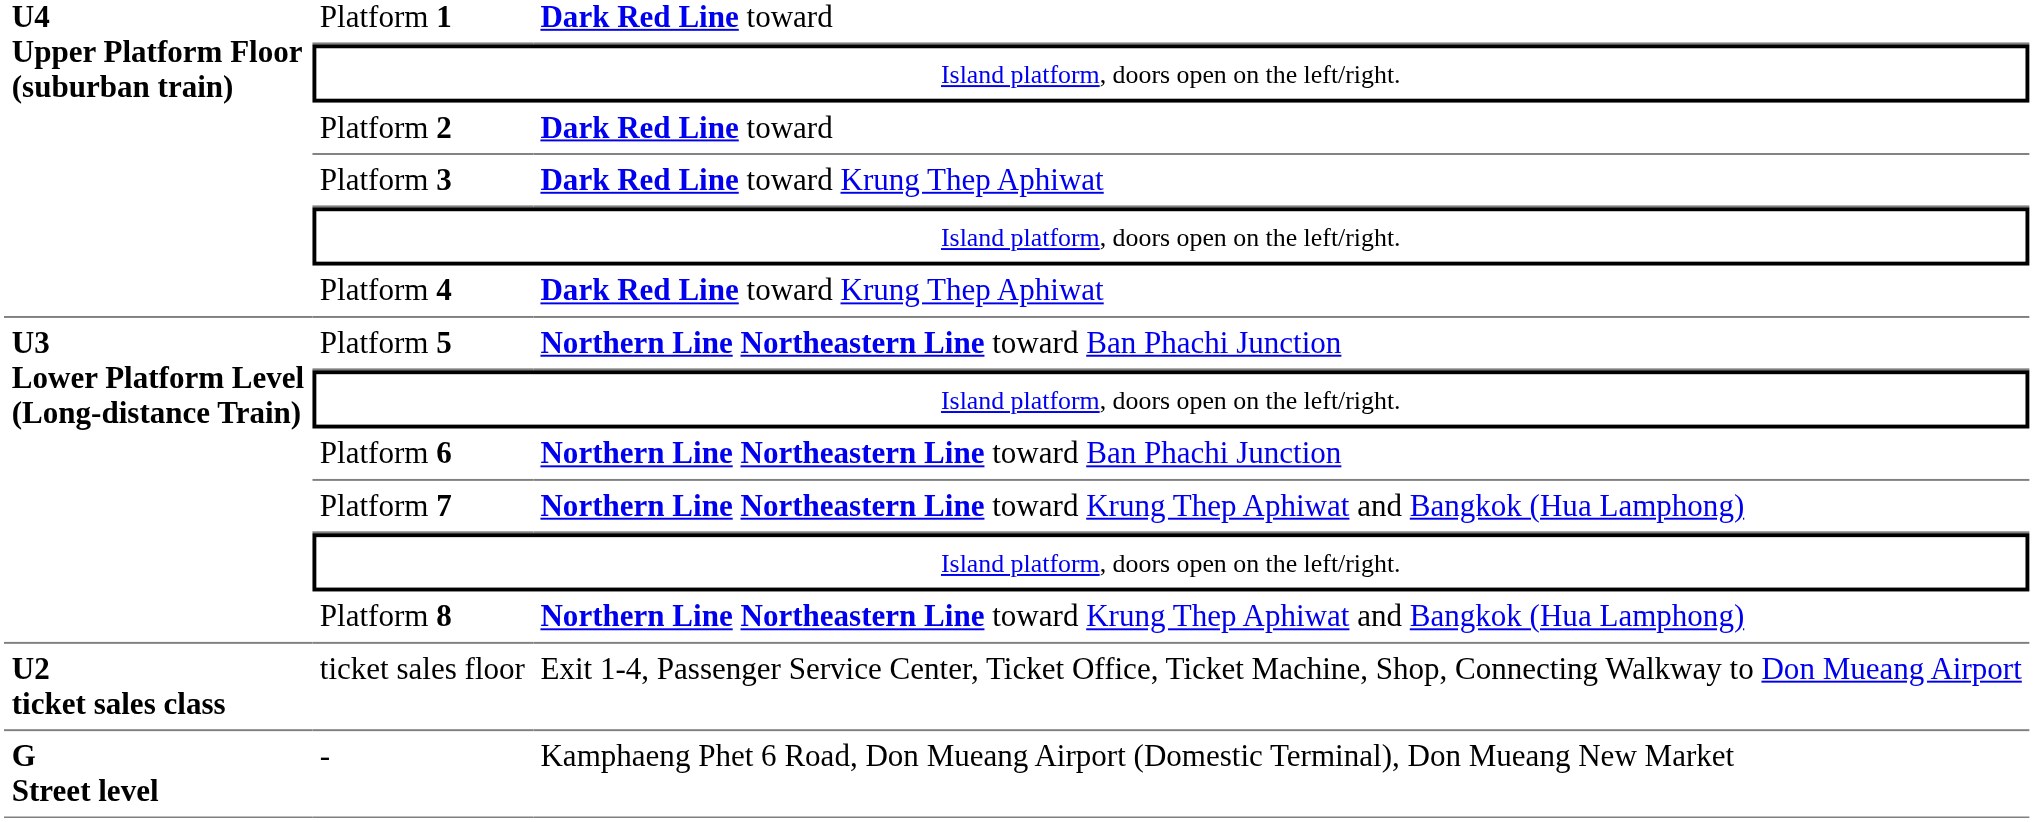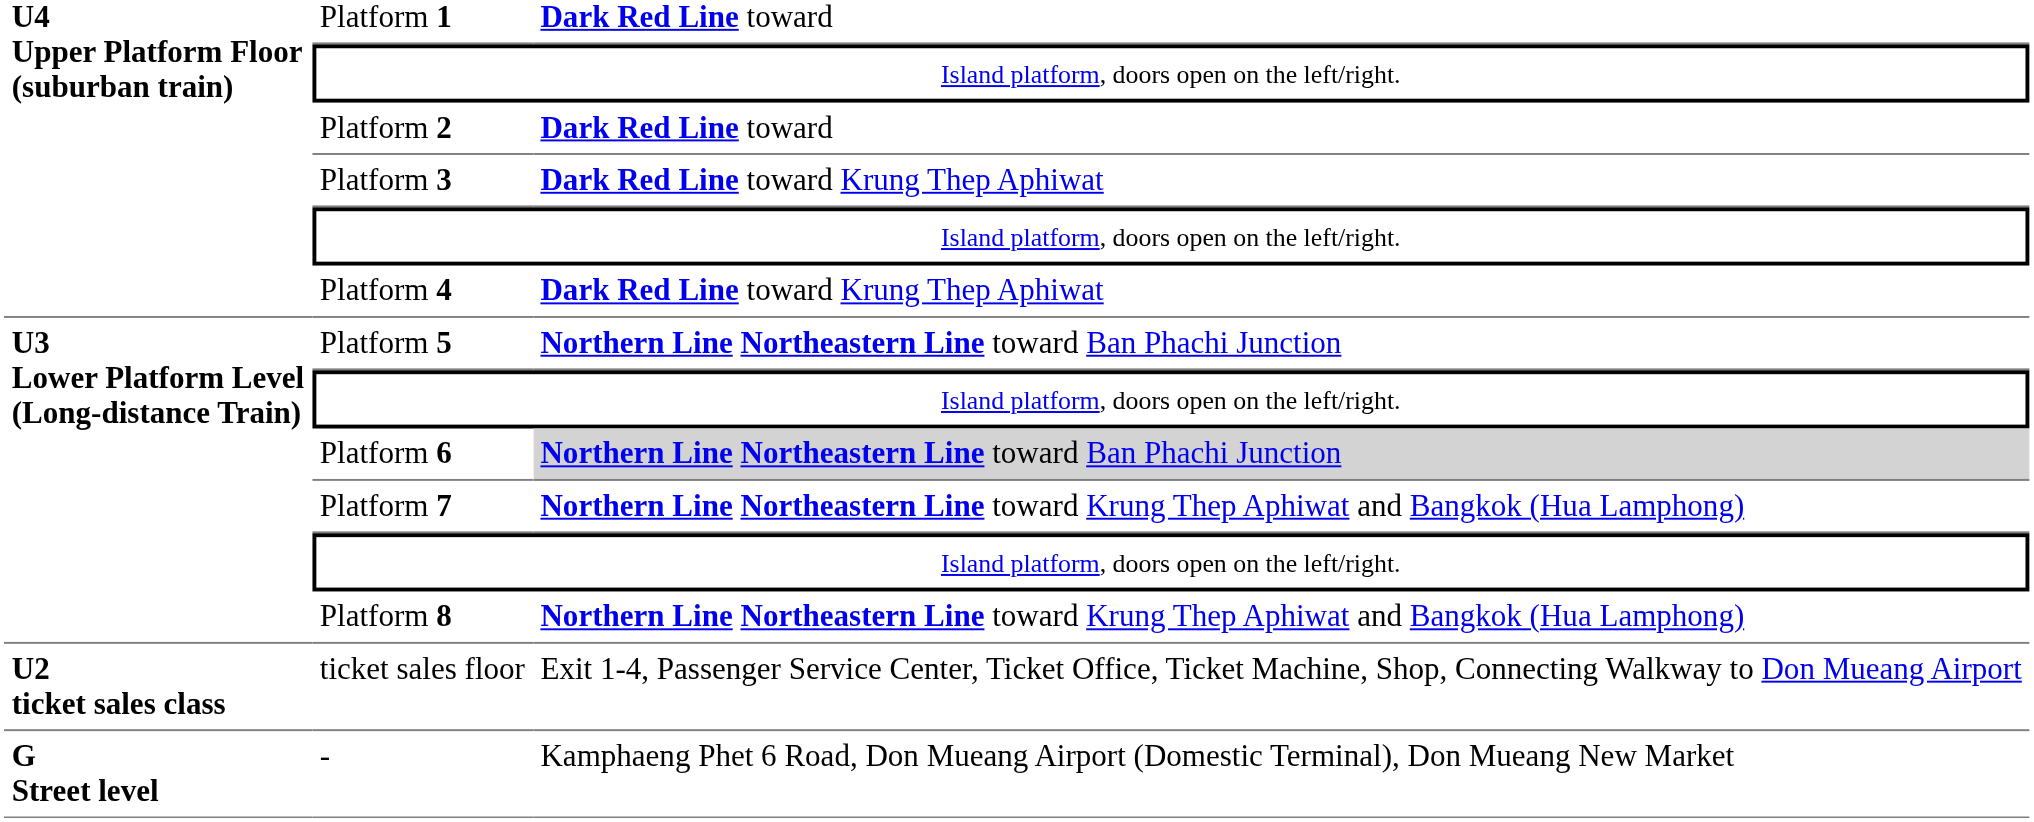 <table table border=0 cellspacing=0 cellpadding=4>
 <tr>
 <td style = "border-bottom:solid 1px gray;" rowspan=7 valign=top><strong>U4<br>Upper Platform Floor<br>(suburban train)</strong></td>
 </tr>
 <tr>
 <td style = "border-bottom:solid 1px gray;">Platform <span><strong>1</strong></span></td>
 <td style = "border-bottom:solid 1px gray;"><strong><a href='#'><span><span>Dark Red Line</span></span></a></strong> toward </td>
 </tr>
 <tr>
 <td style = "border-top:solid 2px black;border-right:solid 2px black;border-left:solid 2px black;border-bottom:solid 2px black;text-align:center;" colspan=2><small><a href='#'>Island platform</a>, doors open on the left/right.</small></td>
 </tr>
 <tr>
 <td style = "border-bottom:solid 1px gray;">Platform <span><strong>2</strong></span></td>
 <td style = "border-bottom:solid 1px gray;"><strong><a href='#'><span><span>Dark Red Line</span></span></a></strong> toward </td>
 </tr>
 <tr>
 <td style = "border-bottom:solid 1px gray;">Platform <span><strong>3</strong></span></td>
 <td style = "border-bottom:solid 1px gray;"><strong><a href='#'><span><span>Dark Red Line</span></span></a></strong> toward <a href='#'>Krung Thep Aphiwat</a></td>
 </tr>
 <tr>
 <td style = "border-top:solid 2px black;border-right:solid 2px black;border-left:solid 2px black;border-bottom:solid 2px black;text-align:center;" colspan=2><small><a href='#'>Island platform</a>, doors open on the left/right.</small></td>
 </tr>
 <tr>
 <td style = "border-bottom:solid 1px gray;">Platform <span><strong>4</strong></span></td>
 <td style = "border-bottom:solid 1px gray;"><strong><a href='#'><span><span>Dark Red Line</span></span></a></strong> toward <a href='#'>Krung Thep Aphiwat</a></td>
 </tr>
 <tr>
 <td style = "border-bottom:solid 1px gray;" rowspan=7 valign=top><strong>U3<br>Lower Platform Level<br>(Long-distance Train)</strong></td>
 </tr>
 <tr>
 <td style = "border-bottom:solid 1px gray;">Platform <strong>5</strong></td>
 <td style = "border-bottom:solid 1px gray;"><strong><a href='#'><span><span>Northern Line</span></span></a></strong> <strong><a href='#'><span><span>Northeastern Line</span></span></a></strong>  toward <a href='#'>Ban Phachi Junction</a></td>
 </tr>
 <tr>
 <td style = "border-top:solid 2px black;border-right:solid 2px black;border-left:solid 2px black;border-bottom:solid 2px black;text-align:center;" colspan=2><small><a href='#'>Island platform</a>, doors open on the left/right.</small></td>
 </tr>
 <tr>
 <td style = "border-bottom:solid 1px gray;">Platform <strong>6</strong></td>
-<td style = "border-bottom:solid 1px gray;"><strong><a href='#'><span><span>Northern Line</span></span></a></strong> <strong><a href='#'><span><span>Northeastern Line</span></span></a></strong>  toward <a href='#'>Ban Phachi Junction</a></td>
+<td style = "background: lightgrey; border-bottom:solid 1px gray;"><strong><a href='#'><span><span>Northern Line</span></span></a></strong> <strong><a href='#'><span><span>Northeastern Line</span></span></a></strong>  toward <a href='#'>Ban Phachi Junction</a></td>
 </tr>
 <tr>
 <td style = "border-bottom:solid 1px gray;">Platform <strong>7</strong></td>
 <td style = "border-bottom:solid 1px gray;"><strong><a href='#'><span><span>Northern Line</span></span></a></strong> <strong><a href='#'><span><span>Northeastern Line</span></span></a></strong> toward <a href='#'>Krung Thep Aphiwat</a> and <a href='#'>Bangkok (Hua Lamphong)</a></td>
 </tr>
 <tr>
 <td style = "border-top:solid 2px black;border-right:solid 2px black;border-left:solid 2px black;border-bottom:solid 2px black;text-align:center;" colspan=2><small><a href='#'>Island platform</a>, doors open on the left/right.</small></td>
 </tr>
 <tr>
 <td style = "border-bottom:solid 1px gray;">Platform <strong>8</strong></td>
 <td style = "border-bottom:solid 1px gray;"><strong><a href='#'><span><span>Northern Line</span></span></a></strong> <strong><a href='#'><span><span>Northeastern Line</span></span></a></strong> toward <a href='#'>Krung Thep Aphiwat</a> and <a href='#'>Bangkok (Hua Lamphong)</a></td>
 </tr>
 <tr>
 <td style="border-bottom:solid 1px gray;" rowspan=1 valign=top><strong>U2<br>ticket sales class<br></strong></td>
 <td style="border-bottom:solid 1px gray;" valign=top>ticket sales floor</td>
 <td style="border-bottom:solid 1px gray;" valign=top>Exit 1-4, Passenger Service Center, Ticket Office, Ticket Machine, Shop, Connecting Walkway to <a href='#'>Don Mueang Airport</a></td>
 </tr>
 <tr>
 <td style = "border-bottom:solid 1px gray;" rowspan=1 valign=top><strong>G<br>Street level<br></strong></td>
 <td style = "border-bottom:solid 1px gray;" valign=top>-</td>
 <td style = "border-bottom:solid 1px gray;" valign=top>Kamphaeng Phet 6 Road, Don Mueang Airport (Domestic Terminal), Don Mueang New Market</td>
 </tr>
 </table>
